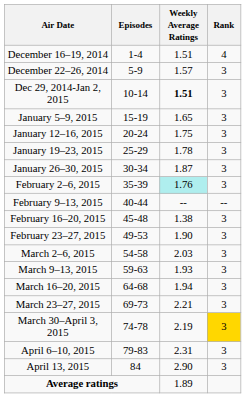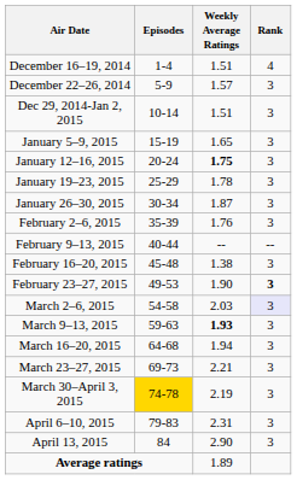 <table class="wikitable" style="text-align:center;width:40%;">
 <tr>
 <th width="25%"><small>Air Date</small></th>
 <th width="5%"><small>Episodes</small></th>
 <th width="6%"><small>Weekly Average Ratings</small></th>
 <th width="4%"><small>Rank</small></th>
 </tr>
 <tr>
 <td>December 16–19, 2014</td>
 <td>1-4</td>
 <td>1.51</td>
 <td>4</td>
 </tr>
 <tr>
 <td>December 22–26, 2014</td>
 <td>5-9</td>
 <td>1.57</td>
 <td>3</td>
 </tr>
 <tr>
 <td>Dec 29, 2014-Jan 2, 2015</td>
 <td>10-14</td>
-<td><strong>1.51</strong></td>
+<td>1.51</td>
 <td>3</td>
 </tr>
 <tr>
 <td>January 5–9, 2015</td>
 <td>15-19</td>
 <td>1.65</td>
 <td>3</td>
 </tr>
 <tr>
 <td>January 12–16, 2015</td>
 <td>20-24</td>
-<td>1.75</td>
+<td><strong>1.75</strong></td>
 <td>3</td>
 </tr>
 <tr>
 <td>January 19–23, 2015</td>
 <td>25-29</td>
 <td>1.78</td>
 <td>3</td>
 </tr>
 <tr>
 <td>January 26–30, 2015</td>
 <td>30-34</td>
 <td>1.87</td>
 <td>3</td>
 </tr>
 <tr>
 <td>February 2–6, 2015</td>
 <td>35-39</td>
-<td style="background: paleturquoise;">1.76</td>
+<td>1.76</td>
 <td>3</td>
 </tr>
 <tr>
 <td>February 9–13, 2015</td>
 <td>40-44</td>
 <td>--</td>
 <td>--</td>
 </tr>
 <tr>
 <td>February 16–20, 2015</td>
 <td>45-48</td>
 <td>1.38</td>
 <td>3</td>
 </tr>
 <tr>
 <td>February 23–27, 2015</td>
 <td>49-53</td>
 <td>1.90</td>
-<td>3</td>
+<td><strong>3</strong></td>
 </tr>
 <tr>
 <td>March 2–6, 2015</td>
 <td>54-58</td>
 <td>2.03</td>
-<td>3</td>
+<td style="background: lavender;">3</td>
 </tr>
 <tr>
 <td>March 9–13, 2015</td>
 <td>59-63</td>
-<td>1.93</td>
+<td><strong>1.93</strong></td>
 <td>3</td>
 </tr>
 <tr>
 <td>March 16–20, 2015</td>
 <td>64-68</td>
 <td>1.94</td>
 <td>3</td>
 </tr>
 <tr>
 <td>March 23–27, 2015</td>
 <td>69-73</td>
 <td>2.21</td>
 <td>3</td>
 </tr>
 <tr>
 <td>March 30–April 3, 2015</td>
-<td>74-78</td>
+<td style="background: gold;">74-78</td>
 <td>2.19</td>
-<td style="background: gold;">3</td>
+<td>3</td>
 </tr>
 <tr>
 <td>April 6–10, 2015</td>
 <td>79-83</td>
 <td>2.31</td>
 <td>3</td>
 </tr>
 <tr>
 <td>April 13, 2015</td>
 <td>84</td>
 <td>2.90</td>
 <td>3</td>
 </tr>
 <tr>
 <td colspan=2><strong>Average ratings</strong></td>
 <td>1.89</td>
 <td></td>
 </tr>
 </table>
